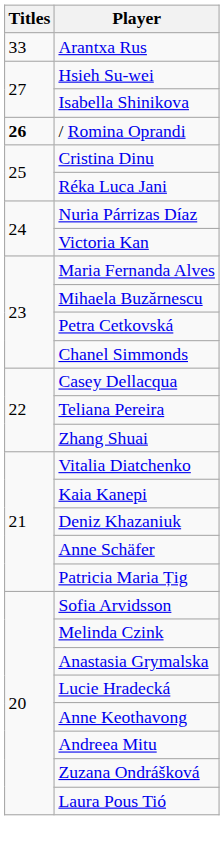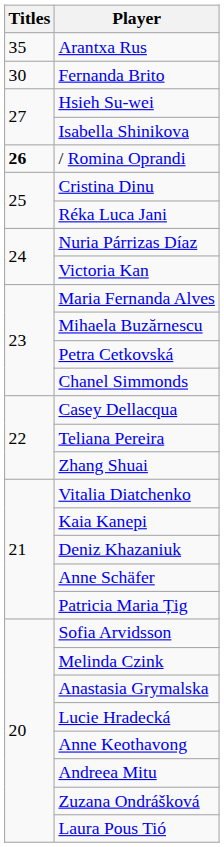 <table class=wikitable style=display:inline-table>
 <tr>
 <th>Titles</th>
 <th>Player</th>
 </tr>
 <tr>
-<td>33</td>
+<td>35</td>
 <td> <a href='#'>Arantxa Rus</a></td>
+</tr>
+<tr>
+<td>30</td>
+<td> <a href='#'>Fernanda Brito</a></td>
 </tr>
 <tr>
 <td rowspan=2>27</td>
 <td> <a href='#'>Hsieh Su-wei</a></td>
 </tr>
 <tr>
 <td> <a href='#'>Isabella Shinikova</a></td>
 </tr>
 <tr>
 <td><strong>26</strong></td>
 <td>/ <a href='#'>Romina Oprandi</a></td>
 </tr>
 <tr>
 <td rowspan=2>25</td>
 <td> <a href='#'>Cristina Dinu</a></td>
 </tr>
 <tr>
 <td> <a href='#'>Réka Luca Jani</a></td>
 </tr>
 <tr>
 <td rowspan=2>24</td>
 <td> <a href='#'>Nuria Párrizas Díaz</a></td>
 </tr>
 <tr>
 <td> <a href='#'>Victoria Kan</a></td>
 </tr>
 <tr>
 <td rowspan=4>23</td>
 <td> <a href='#'>Maria Fernanda Alves</a></td>
 </tr>
 <tr>
 <td> <a href='#'>Mihaela Buzărnescu</a></td>
 </tr>
 <tr>
 <td> <a href='#'>Petra Cetkovská</a></td>
 </tr>
 <tr>
 <td> <a href='#'>Chanel Simmonds</a></td>
 </tr>
 <tr>
 <td rowspan=3>22</td>
 <td> <a href='#'>Casey Dellacqua</a></td>
 </tr>
 <tr>
 <td> <a href='#'>Teliana Pereira</a></td>
 </tr>
 <tr>
 <td> <a href='#'>Zhang Shuai</a></td>
 </tr>
 <tr>
 <td rowspan=5>21</td>
 <td> <a href='#'>Vitalia Diatchenko</a></td>
 </tr>
 <tr>
 <td> <a href='#'>Kaia Kanepi</a></td>
 </tr>
 <tr>
 <td> <a href='#'>Deniz Khazaniuk</a></td>
 </tr>
 <tr>
 <td> <a href='#'>Anne Schäfer</a></td>
 </tr>
 <tr>
 <td> <a href='#'>Patricia Maria Țig</a></td>
 </tr>
 <tr>
 <td rowspan=8>20</td>
 <td> <a href='#'>Sofia Arvidsson</a></td>
 </tr>
 <tr>
 <td> <a href='#'>Melinda Czink</a></td>
 </tr>
 <tr>
 <td> <a href='#'>Anastasia Grymalska</a></td>
 </tr>
 <tr>
 <td> <a href='#'>Lucie Hradecká</a></td>
 </tr>
 <tr>
 <td> <a href='#'>Anne Keothavong</a></td>
 </tr>
 <tr>
 <td> <a href='#'>Andreea Mitu</a></td>
 </tr>
 <tr>
 <td> <a href='#'>Zuzana Ondrášková</a></td>
 </tr>
 <tr>
 <td> <a href='#'>Laura Pous Tió</a></td>
 </tr>
 </table>
